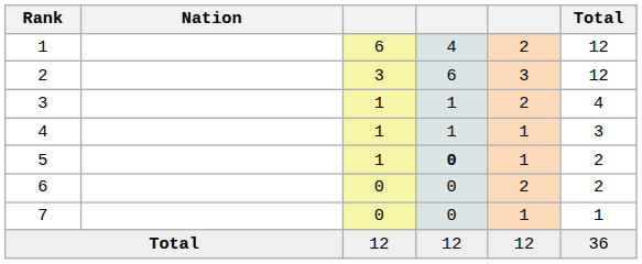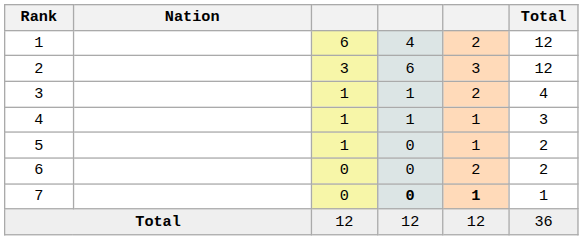 <table class=wikitable width=35% cellspacing="1" cellpadding="3" style="border:1px solid #AAAAAA;font-size:90%">
 <tr bgcolor="#EFEFEF">
 <th width=50>Rank</th>
 <th width=200>Nation</th>
 <th width=50></th>
 <th width=50></th>
 <th width=50></th>
 <th width=50>Total</th>
 </tr>
 <tr align="center" valign="top" bgcolor="#FFFFFF">
 <td rowspan="1" valign="center">1</td>
 <td align="left"></td>
 <td style="background:#F7F6A8;">6</td>
 <td style="background:#DCE5E5;">4</td>
 <td style="background:#FFDAB9;">2</td>
 <td>12</td>
 </tr>
 <tr align="center" valign="top" bgcolor="#FFFFFF">
 <td rowspan="1" valign="center">2</td>
 <td align="left"></td>
 <td style="background:#F7F6A8;">3</td>
 <td style="background:#DCE5E5;">6</td>
 <td style="background:#FFDAB9;">3</td>
 <td>12</td>
 </tr>
 <tr align="center" valign="top" bgcolor="#FFFFFF">
 <td rowspan="1" valign="center">3</td>
 <td align="left"></td>
 <td style="background:#F7F6A8;">1</td>
 <td style="background:#DCE5E5;">1</td>
 <td style="background:#FFDAB9;">2</td>
 <td>4</td>
 </tr>
 <tr align="center" valign="top" bgcolor="#FFFFFF">
 <td rowspan="1" valign="center">4</td>
 <td align="left"></td>
 <td style="background:#F7F6A8;">1</td>
 <td style="background:#DCE5E5;">1</td>
 <td style="background:#FFDAB9;">1</td>
 <td>3</td>
 </tr>
 <tr align="center" valign="top" bgcolor="#FFFFFF">
 <td rowspan="1" valign="center">5</td>
 <td align="left"></td>
 <td style="background:#F7F6A8;">1</td>
-<td style="background:#DCE5E5;"><strong>0</strong></td>
+<td style="background:#DCE5E5;">0</td>
 <td style="background:#FFDAB9;">1</td>
 <td>2</td>
 </tr>
 <tr align="center" valign="top" bgcolor="#FFFFFF">
 <td rowspan="1" valign="center">6</td>
 <td align="left"></td>
 <td style="background:#F7F6A8;">0</td>
 <td style="background:#DCE5E5;">0</td>
 <td style="background:#FFDAB9;">2</td>
 <td>2</td>
 </tr>
 <tr align="center" valign="top" bgcolor="#FFFFFF">
 <td rowspan="1" valign="center">7</td>
 <td align="left"></td>
 <td style="background:#F7F6A8;">0</td>
-<td style="background:#DCE5E5;">0</td>
-<td style="background:#FFDAB9;">1</td>
+<td style="background:#DCE5E5;"><strong>0</strong></td>
+<td style="background:#FFDAB9;"><strong>1</strong></td>
 <td>1</td>
 </tr>
 <tr align="center" valign="top" bgcolor="#EFEFEF">
 <td colspan="2" rowspan="1" valign="center"><strong>Total</strong></td>
 <td>12</td>
 <td>12</td>
 <td>12</td>
 <td>36</td>
 </tr>
 </table>
